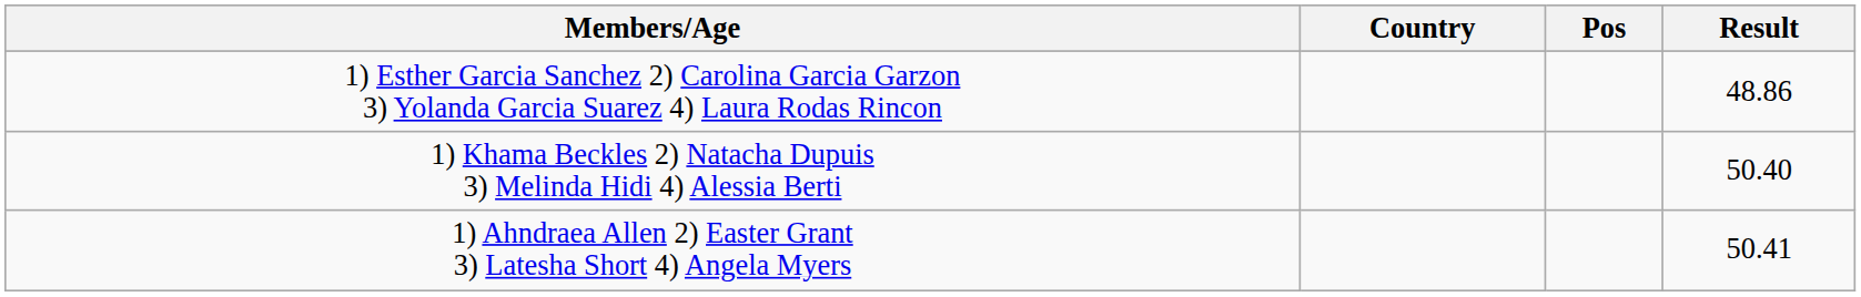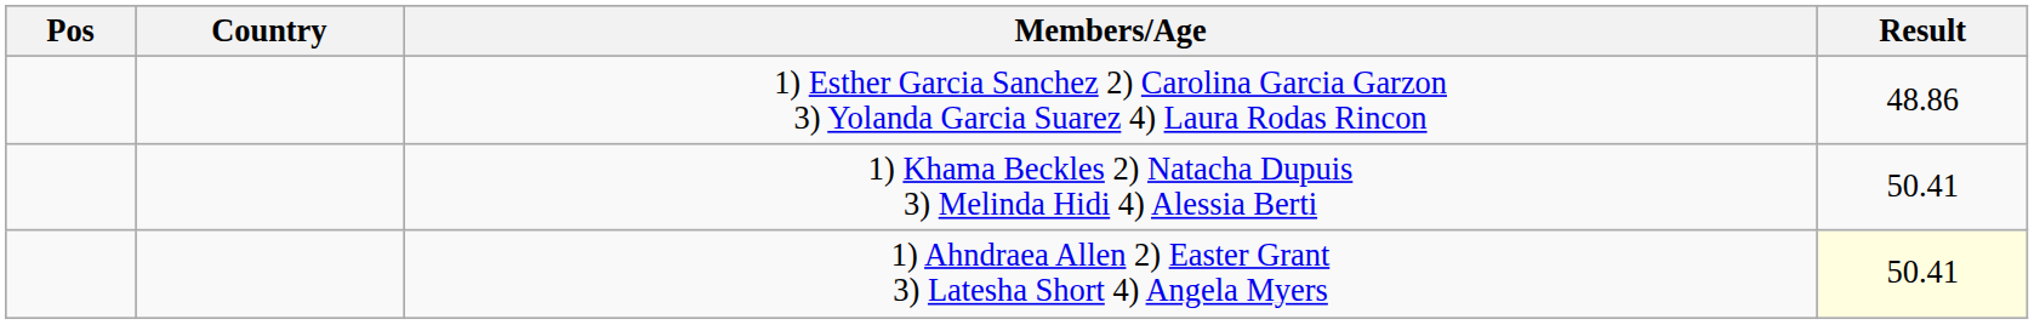 <table class="wikitable"  style="text-align:center; width:80%;">
 <tr>
+<th>Pos</th>
+<th>Country</th>
 <th>Members/Age</th>
-<th>Country</th>
-<th>Pos</th>
 <th>Result</th>
 </tr>
 <tr>
+<td align=center></td>
+<td align=left></td>
 <td>1) <a href='#'>Esther Garcia Sanchez</a> 2) <a href='#'>Carolina Garcia Garzon</a><br>3) <a href='#'>Yolanda Garcia Suarez</a> 4) <a href='#'>Laura Rodas Rincon</a></td>
-<td align=left></td>
-<td align=center></td>
 <td>48.86</td>
 </tr>
 <tr>
+<td align=center></td>
+<td align=left></td>
 <td>1) <a href='#'>Khama Beckles</a> 2) <a href='#'>Natacha Dupuis</a><br>3) <a href='#'>Melinda Hidi</a> 4) <a href='#'>Alessia Berti</a></td>
-<td align=left></td>
-<td align=center></td>
-<td>50.40</td>
+<td>50.41</td>
 </tr>
 <tr>
+<td align=center></td>
+<td align=left></td>
 <td>1) <a href='#'>Ahndraea Allen</a> 2) <a href='#'>Easter Grant</a><br>3) <a href='#'>Latesha Short</a> 4) <a href='#'>Angela Myers</a></td>
-<td align=left></td>
-<td align=center></td>
-<td>50.41</td>
+<td style="background: lightyellow;">50.41</td>
 </tr>
 </table>
